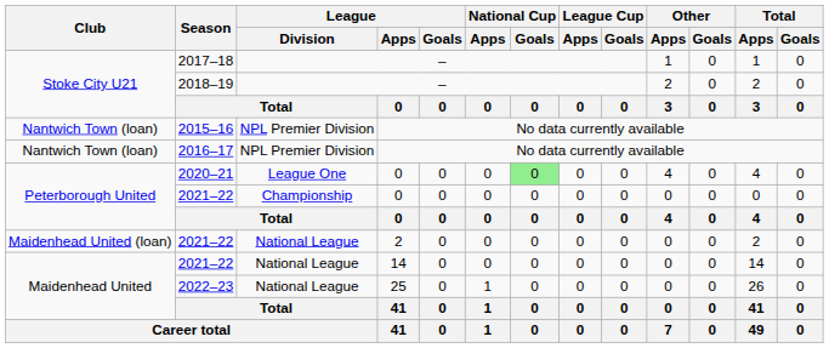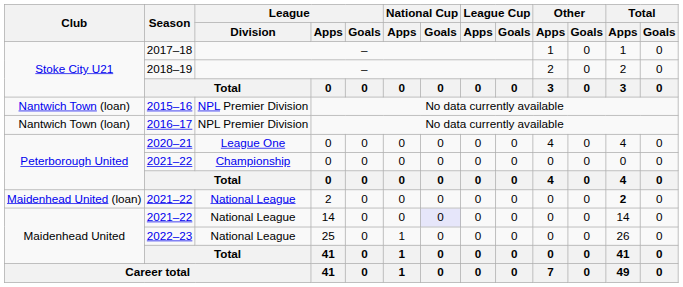 <table class="wikitable" style="text-align: center">
 <tr>
 <th rowspan="2">Club</th>
 <th rowspan="2">Season</th>
 <th colspan="3">League</th>
 <th colspan="2">National Cup</th>
 <th colspan="2">League Cup</th>
 <th colspan="2">Other</th>
 <th colspan="2">Total</th>
 </tr>
 <tr>
 <th>Division</th>
 <th>Apps</th>
 <th>Goals</th>
 <th>Apps</th>
 <th>Goals</th>
 <th>Apps</th>
 <th>Goals</th>
 <th>Apps</th>
 <th>Goals</th>
 <th>Apps</th>
 <th>Goals</th>
 </tr>
 <tr>
 <td rowspan="3"><a href='#'>Stoke City U21</a></td>
 <td>2017–18</td>
 <td colspan="7">–</td>
 <td>1</td>
 <td>0</td>
 <td>1</td>
 <td>0</td>
 </tr>
 <tr>
 <td>2018–19</td>
 <td colspan="7">–</td>
 <td>2</td>
 <td>0</td>
 <td>2</td>
 <td>0</td>
 </tr>
 <tr>
 <th colspan="2">Total</th>
 <th>0</th>
 <th>0</th>
 <th>0</th>
 <th>0</th>
 <th>0</th>
 <th>0</th>
 <th>3</th>
 <th>0</th>
 <th>3</th>
 <th>0</th>
 </tr>
 <tr>
 <td><a href='#'>Nantwich Town</a> (loan)</td>
 <td><a href='#'>2015–16</a></td>
 <td><a href='#'>NPL</a> Premier Division</td>
 <td colspan="10">No data currently available</td>
 </tr>
 <tr>
 <td>Nantwich Town (loan)</td>
 <td><a href='#'>2016–17</a></td>
 <td>NPL Premier Division</td>
 <td colspan="10">No data currently available</td>
 </tr>
 <tr>
 <td rowspan="3"><a href='#'>Peterborough United</a></td>
 <td><a href='#'>2020–21</a></td>
 <td><a href='#'>League One</a></td>
 <td>0</td>
 <td>0</td>
 <td>0</td>
-<td style="background: lightgreen;">0</td>
+<td>0</td>
 <td>0</td>
 <td>0</td>
 <td>4</td>
 <td>0</td>
 <td>4</td>
 <td>0</td>
 </tr>
 <tr>
 <td><a href='#'>2021–22</a></td>
 <td><a href='#'>Championship</a></td>
 <td>0</td>
 <td>0</td>
 <td>0</td>
 <td>0</td>
 <td>0</td>
 <td>0</td>
 <td>0</td>
 <td>0</td>
 <td>0</td>
 <td>0</td>
 </tr>
 <tr>
 <th colspan="2">Total</th>
 <th>0</th>
 <th>0</th>
 <th>0</th>
 <th>0</th>
 <th>0</th>
 <th>0</th>
 <th>4</th>
 <th>0</th>
 <th>4</th>
 <th>0</th>
 </tr>
 <tr>
 <td><a href='#'>Maidenhead United</a> (loan)</td>
 <td><a href='#'>2021–22</a></td>
 <td><a href='#'>National League</a></td>
 <td>2</td>
 <td>0</td>
 <td>0</td>
 <td>0</td>
 <td>0</td>
 <td>0</td>
 <td>0</td>
 <td>0</td>
-<td>2</td>
+<td><strong>2</strong></td>
 <td>0</td>
 </tr>
 <tr>
 <td rowspan="3">Maidenhead United</td>
 <td><a href='#'>2021–22</a></td>
 <td>National League</td>
 <td>14</td>
 <td>0</td>
 <td>0</td>
-<td>0</td>
+<td style="background: lavender;">0</td>
 <td>0</td>
 <td>0</td>
 <td>0</td>
 <td>0</td>
 <td>14</td>
 <td>0</td>
 </tr>
 <tr>
 <td><a href='#'>2022–23</a></td>
 <td>National League</td>
 <td>25</td>
 <td>0</td>
 <td>1</td>
 <td>0</td>
 <td>0</td>
 <td>0</td>
 <td>0</td>
 <td>0</td>
 <td>26</td>
 <td>0</td>
 </tr>
 <tr>
 <th colspan="2">Total</th>
 <th>41</th>
 <th>0</th>
 <th>1</th>
 <th>0</th>
 <th>0</th>
 <th>0</th>
 <th>0</th>
 <th>0</th>
 <th>41</th>
 <th>0</th>
 </tr>
 <tr>
 <th colspan="3">Career total</th>
 <th>41</th>
 <th>0</th>
 <th>1</th>
 <th>0</th>
 <th>0</th>
 <th>0</th>
 <th>7</th>
 <th>0</th>
 <th>49</th>
 <th>0</th>
 </tr>
 </table>
